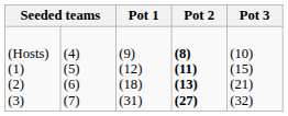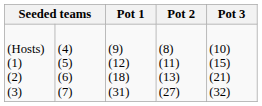 <table class="wikitable">
 <tr>
 <th colspan=2>Seeded teams</th>
 <th width=20%>Pot 1</th>
 <th width=20%>Pot 2</th>
 <th width=20%>Pot 3</th>
 </tr>
 <tr>
 <td width=20%><br> (Hosts)<br>  (1)<br>  (2)<br>  (3)</td>
 <td width=20%><br> (4)<br>  (5)<br>  (6)<br>  (7)</td>
 <td><br> (9)<br>  (12)<br>  (18)<br>  (31)</td>
-<td><strong><br> (8)<br>  (11)<br>  (13)<br>  (27)</strong></td>
+<td><br> (8)<br>  (11)<br>  (13)<br>  (27)</td>
 <td><br> (10)<br>  (15)<br>  (21)<br>  (32)</td>
 </tr>
 </table>
